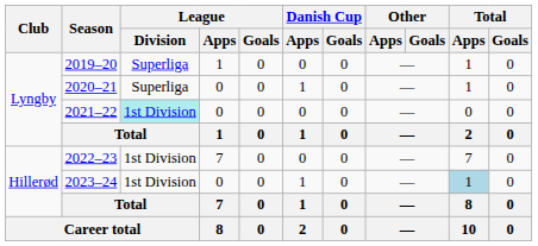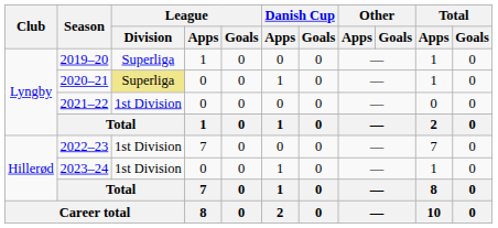 <table class="wikitable" style="text-align:center">
 <tr>
 <th rowspan="2">Club</th>
 <th rowspan="2">Season</th>
 <th colspan="3">League</th>
 <th colspan="2"><a href='#'>Danish Cup</a></th>
 <th colspan="2">Other</th>
 <th colspan="2">Total</th>
 </tr>
 <tr>
 <th>Division</th>
 <th>Apps</th>
 <th>Goals</th>
 <th>Apps</th>
 <th>Goals</th>
 <th>Apps</th>
 <th>Goals</th>
 <th>Apps</th>
 <th>Goals</th>
 </tr>
 <tr>
 <td rowspan="4"><a href='#'>Lyngby</a></td>
 <td><a href='#'>2019–20</a></td>
 <td><a href='#'>Superliga</a></td>
 <td>1</td>
 <td>0</td>
 <td>0</td>
 <td>0</td>
 <td colspan="2">—</td>
 <td>1</td>
 <td>0</td>
 </tr>
 <tr>
 <td><a href='#'>2020–21</a></td>
-<td>Superliga</td>
+<td style="background: khaki;">Superliga</td>
 <td>0</td>
 <td>0</td>
 <td>1</td>
 <td>0</td>
 <td colspan="2">—</td>
 <td>1</td>
 <td>0</td>
 </tr>
 <tr>
 <td><a href='#'>2021–22</a></td>
-<td style="background: paleturquoise;"><a href='#'>1st Division</a></td>
+<td><a href='#'>1st Division</a></td>
 <td>0</td>
 <td>0</td>
 <td>0</td>
 <td>0</td>
 <td colspan="2">—</td>
 <td>0</td>
 <td>0</td>
 </tr>
 <tr>
 <th colspan="2">Total</th>
 <th>1</th>
 <th>0</th>
 <th>1</th>
 <th>0</th>
 <th colspan="2">—</th>
 <th>2</th>
 <th>0</th>
 </tr>
 <tr>
 <td rowspan="3"><a href='#'>Hillerød</a></td>
 <td><a href='#'>2022–23</a></td>
 <td>1st Division</td>
 <td>7</td>
 <td>0</td>
 <td>0</td>
 <td>0</td>
 <td colspan="2">—</td>
 <td>7</td>
 <td>0</td>
 </tr>
 <tr>
 <td><a href='#'>2023–24</a></td>
 <td>1st Division</td>
 <td>0</td>
 <td>0</td>
 <td>1</td>
 <td>0</td>
 <td colspan="2">—</td>
-<td style="background: lightblue;">1</td>
+<td>1</td>
 <td>0</td>
 </tr>
 <tr>
 <th colspan="2">Total</th>
 <th>7</th>
 <th>0</th>
 <th>1</th>
 <th>0</th>
 <th colspan="2">—</th>
 <th>8</th>
 <th>0</th>
 </tr>
 <tr>
 <th colspan="3">Career total</th>
 <th>8</th>
 <th>0</th>
 <th>2</th>
 <th>0</th>
 <th colspan="2">—</th>
 <th>10</th>
 <th>0</th>
 </tr>
 </table>
